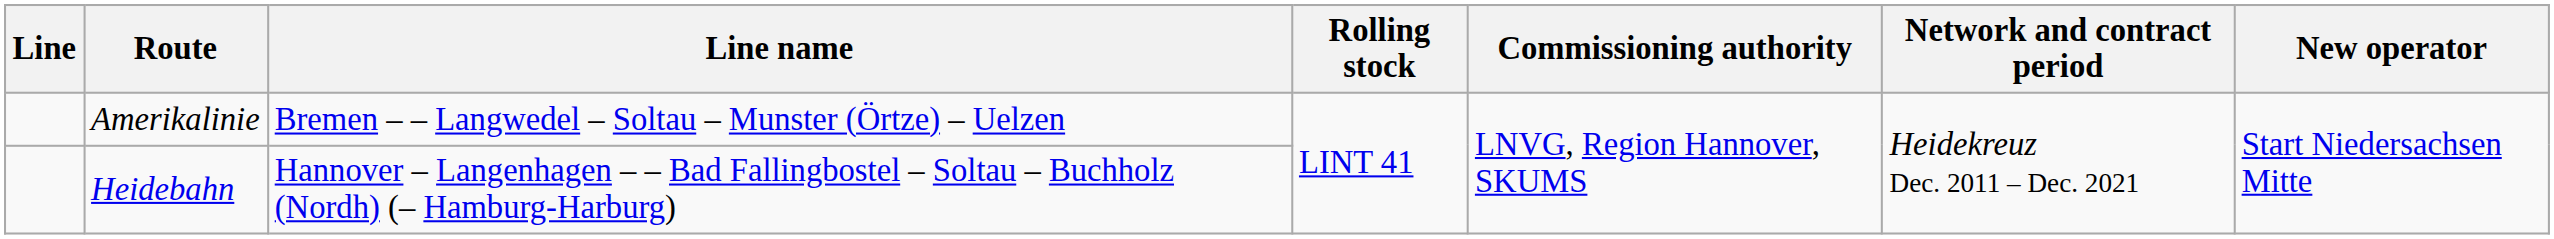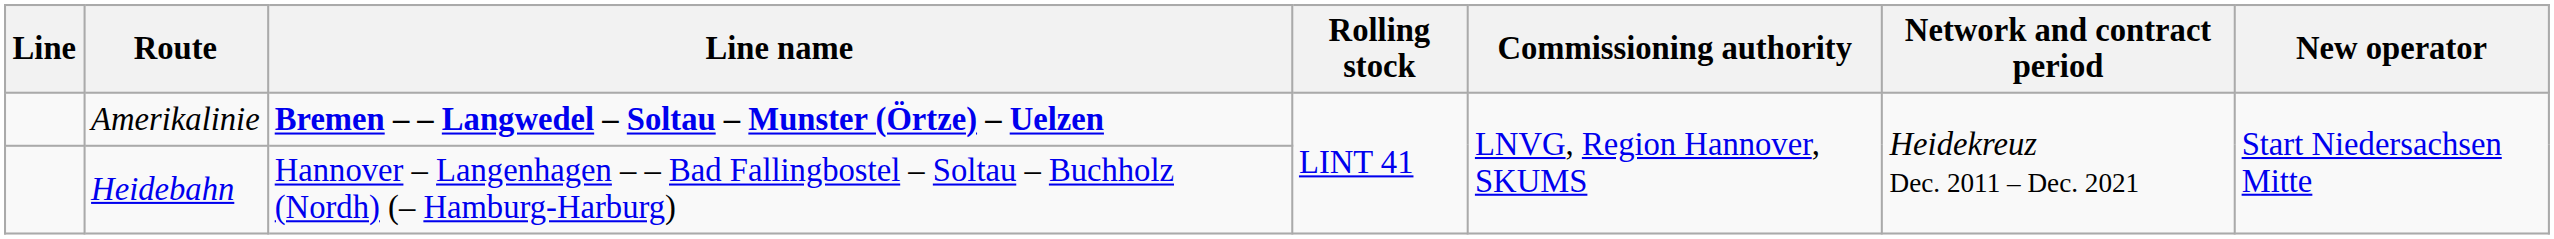 <table class="wikitable">
 <tr class="hintergrundfarbe5">
 <th>Line</th>
 <th>Route</th>
 <th>Line name</th>
 <th>Rolling stock</th>
 <th>Commissioning authority</th>
 <th>Network and contract period</th>
 <th>New operator</th>
 </tr>
 <tr>
 <td></td>
 <td><em>Amerikalinie</em></td>
-<td><a href='#'>Bremen</a> –  – <a href='#'>Langwedel</a> – <a href='#'>Soltau</a> – <a href='#'>Munster (Örtze)</a> – <a href='#'>Uelzen</a></td>
+<td><strong><a href='#'>Bremen</a> –  – <a href='#'>Langwedel</a> – <a href='#'>Soltau</a> – <a href='#'>Munster (Örtze)</a> – <a href='#'>Uelzen</a></strong></td>
 <td rowspan="2"><a href='#'>LINT 41</a></td>
 <td rowspan="2"><a href='#'>LNVG</a>, <a href='#'>Region Hannover</a>, <a href='#'>SKUMS</a></td>
 <td rowspan="2"><em>Heidekreuz</em><br><small>Dec. 2011 – Dec. 2021</small></td>
 <td rowspan="2"><a href='#'>Start Niedersachsen Mitte</a></td>
 </tr>
 <tr>
 <td></td>
 <td><em><a href='#'>Heidebahn</a></em></td>
 <td><a href='#'>Hannover</a> – <a href='#'>Langenhagen</a> –  – <a href='#'>Bad Fallingbostel</a> – <a href='#'>Soltau</a> – <a href='#'>Buchholz (Nordh)</a> (– <a href='#'>Hamburg-Harburg</a>)</td>
 </tr>
 </table>
